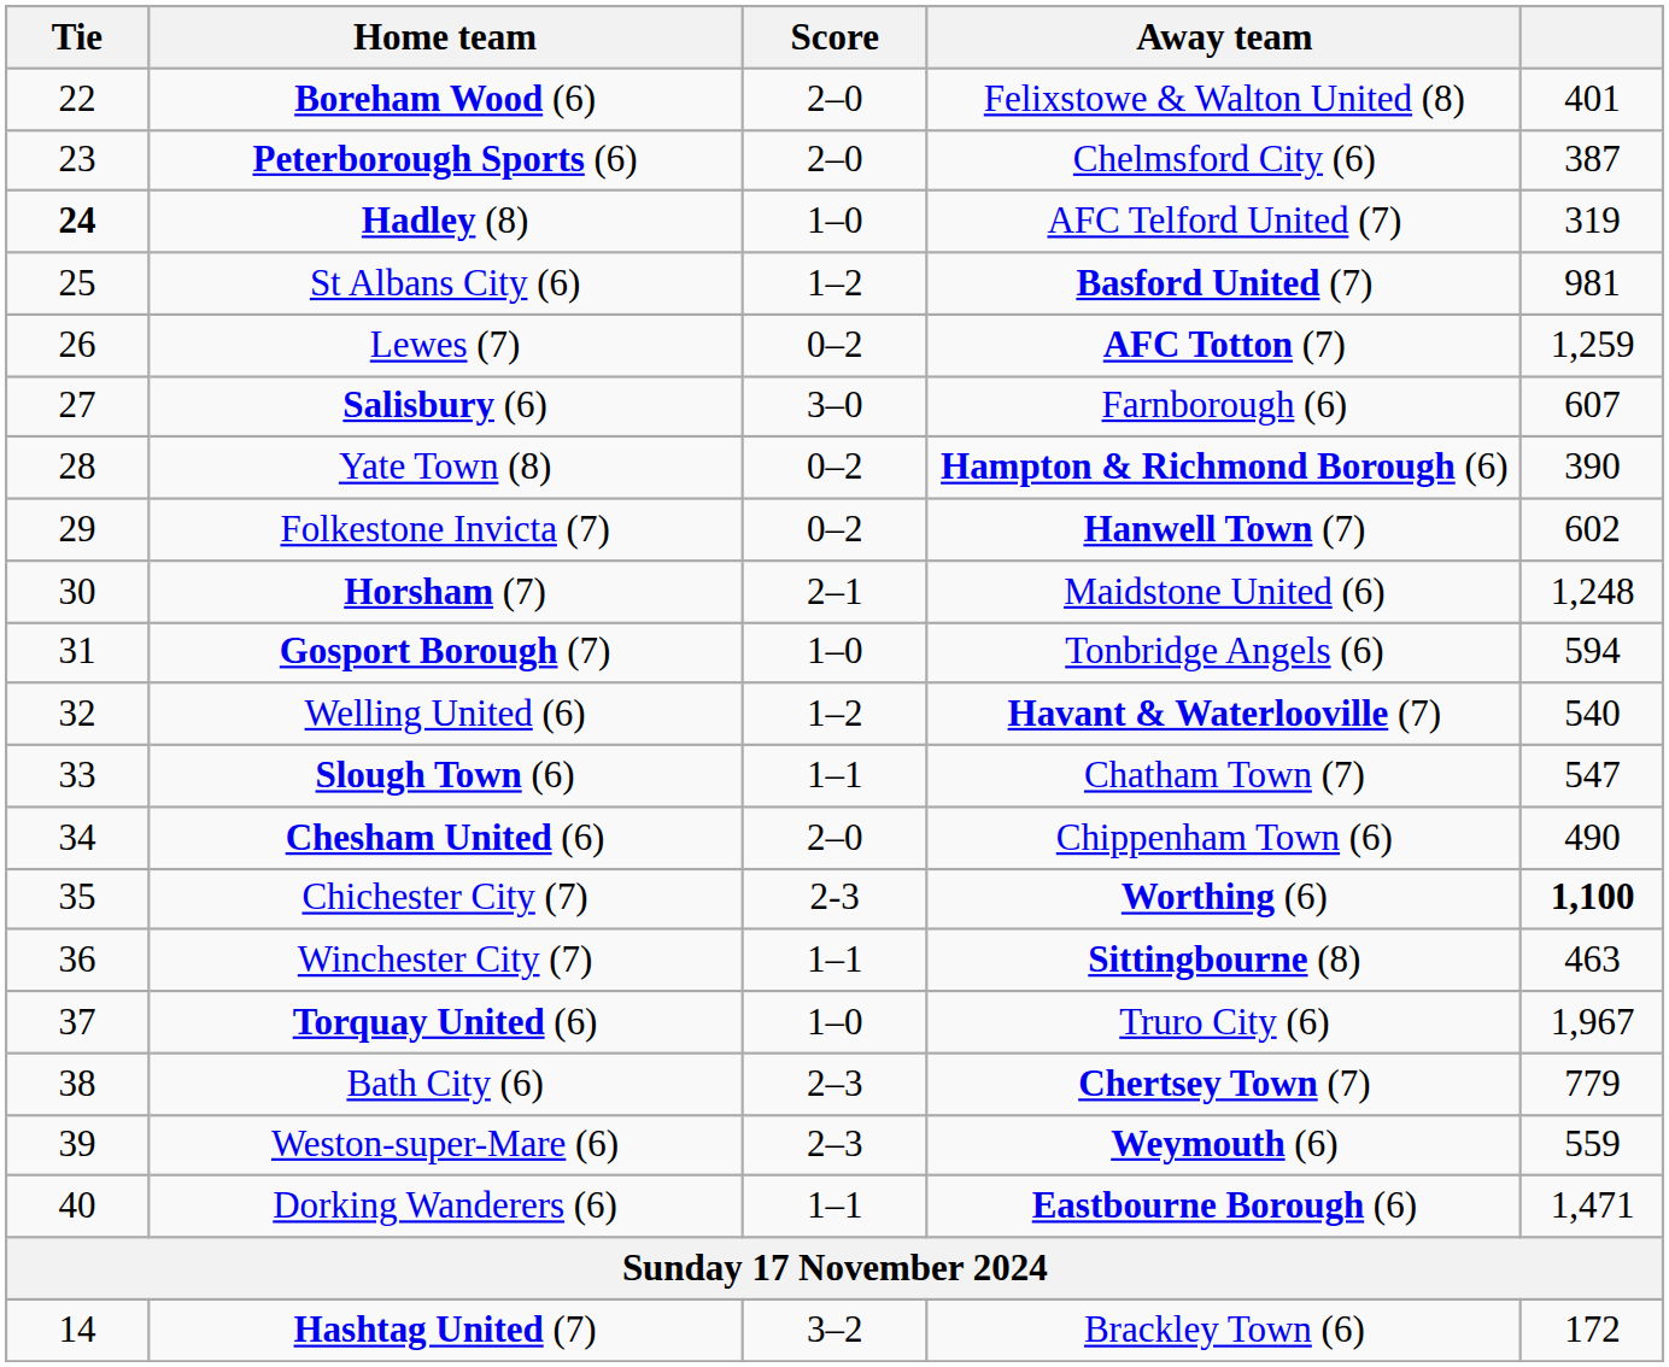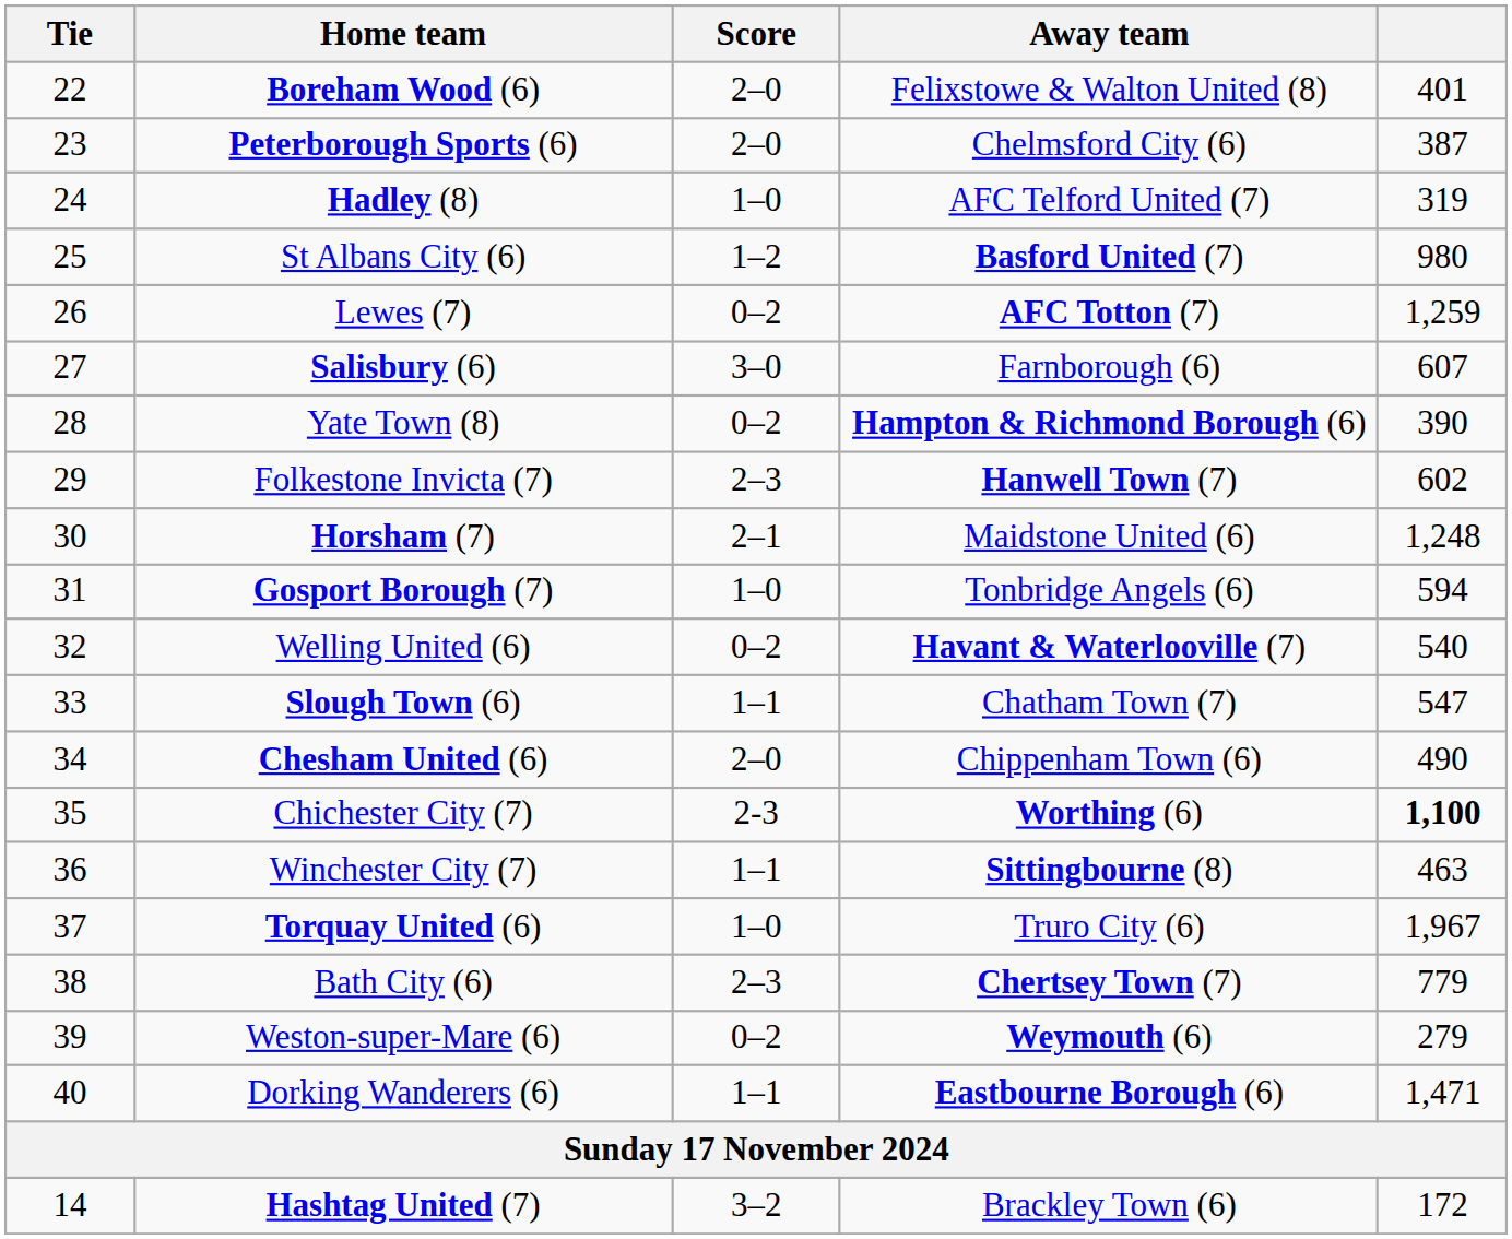 <table class="wikitable" style="text-align:center; font-size:90%">
 <tr>
 <th scope="col" style="width:  8.43%;">Tie</th>
 <th scope="col" style="width: 35.29%;">Home team</th>
 <th scope="col" style="width: 11.00%;">Score</th>
 <th scope="col" style="width: 35.29%;">Away team</th>
 <th scope="col" style="width:  8.43%;"></th>
 </tr>
 <tr>
 <td>22</td>
 <td><strong><a href='#'>Boreham Wood</a></strong> (6)</td>
 <td>2–0</td>
 <td><a href='#'>Felixstowe & Walton United</a> (8)</td>
 <td>401</td>
 </tr>
 <tr>
 <td>23</td>
 <td><strong><a href='#'>Peterborough Sports</a></strong> (6)</td>
 <td>2–0</td>
 <td><a href='#'>Chelmsford City</a> (6)</td>
 <td>387</td>
 </tr>
 <tr>
-<td><strong>24</strong></td>
+<td>24</td>
 <td><strong><a href='#'>Hadley</a></strong> (8)</td>
 <td>1–0</td>
 <td><a href='#'>AFC Telford United</a> (7)</td>
 <td>319</td>
 </tr>
 <tr>
 <td>25</td>
 <td><a href='#'>St Albans City</a> (6)</td>
 <td>1–2</td>
 <td><strong><a href='#'>Basford United</a></strong> (7)</td>
-<td>981</td>
+<td>980</td>
 </tr>
 <tr>
 <td>26</td>
 <td><a href='#'>Lewes</a> (7)</td>
 <td>0–2</td>
 <td><strong><a href='#'>AFC Totton</a></strong> (7)</td>
 <td>1,259</td>
 </tr>
 <tr>
 <td>27</td>
 <td><strong><a href='#'>Salisbury</a></strong> (6)</td>
 <td>3–0</td>
 <td><a href='#'>Farnborough</a> (6)</td>
 <td>607</td>
 </tr>
 <tr>
 <td>28</td>
 <td><a href='#'>Yate Town</a> (8)</td>
 <td>0–2</td>
 <td><strong><a href='#'>Hampton & Richmond Borough</a></strong> (6)</td>
 <td>390</td>
 </tr>
 <tr>
 <td>29</td>
 <td><a href='#'>Folkestone Invicta</a> (7)</td>
-<td>0–2</td>
+<td>2–3</td>
 <td><strong><a href='#'>Hanwell Town</a></strong> (7)</td>
 <td>602</td>
 </tr>
 <tr>
 <td>30</td>
 <td><strong><a href='#'>Horsham</a></strong> (7)</td>
 <td>2–1</td>
 <td><a href='#'>Maidstone United</a> (6)</td>
 <td>1,248</td>
 </tr>
 <tr>
 <td>31</td>
 <td><strong><a href='#'>Gosport Borough</a></strong> (7)</td>
 <td>1–0</td>
 <td><a href='#'>Tonbridge Angels</a> (6)</td>
 <td>594</td>
 </tr>
 <tr>
 <td>32</td>
 <td><a href='#'>Welling United</a> (6)</td>
-<td>1–2</td>
+<td>0–2</td>
 <td><strong><a href='#'>Havant & Waterlooville</a></strong> (7)</td>
 <td>540</td>
 </tr>
 <tr>
 <td>33</td>
 <td><strong><a href='#'>Slough Town</a></strong> (6)</td>
 <td>1–1 </td>
 <td><a href='#'>Chatham Town</a> (7)</td>
 <td>547</td>
 </tr>
 <tr>
 <td>34</td>
 <td><strong><a href='#'>Chesham United</a></strong> (6)</td>
 <td>2–0</td>
 <td><a href='#'>Chippenham Town</a> (6)</td>
 <td>490</td>
 </tr>
 <tr>
 <td>35</td>
 <td><a href='#'>Chichester City</a> (7)</td>
 <td>2-3</td>
 <td><strong><a href='#'>Worthing</a></strong> (6)</td>
 <td><strong>1,100</strong></td>
 </tr>
 <tr>
 <td>36</td>
 <td><a href='#'>Winchester City</a> (7)</td>
 <td>1–1 </td>
 <td><strong><a href='#'>Sittingbourne</a></strong> (8)</td>
 <td>463</td>
 </tr>
 <tr>
 <td>37</td>
 <td><strong><a href='#'>Torquay United</a></strong> (6)</td>
 <td>1–0</td>
 <td><a href='#'>Truro City</a> (6)</td>
 <td>1,967</td>
 </tr>
 <tr>
 <td>38</td>
 <td><a href='#'>Bath City</a> (6)</td>
 <td>2–3</td>
 <td><strong><a href='#'>Chertsey Town</a></strong> (7)</td>
 <td>779</td>
 </tr>
 <tr>
 <td>39</td>
 <td><a href='#'>Weston-super-Mare</a> (6)</td>
-<td>2–3</td>
+<td>0–2</td>
 <td><strong><a href='#'>Weymouth</a></strong> (6)</td>
-<td>559</td>
+<td>279</td>
 </tr>
 <tr>
 <td>40</td>
 <td><a href='#'>Dorking Wanderers</a> (6)</td>
 <td>1–1 </td>
 <td><strong><a href='#'>Eastbourne Borough</a></strong> (6)</td>
 <td>1,471</td>
 </tr>
 <tr>
 <th colspan="5"><strong>Sunday 17 November 2024</strong></th>
 </tr>
 <tr>
 <td>14</td>
 <td><strong><a href='#'>Hashtag United</a></strong> (7)</td>
 <td>3–2</td>
 <td><a href='#'>Brackley Town</a> (6)</td>
 <td>172</td>
 </tr>
 <tr>
 </tr>
 </table>
